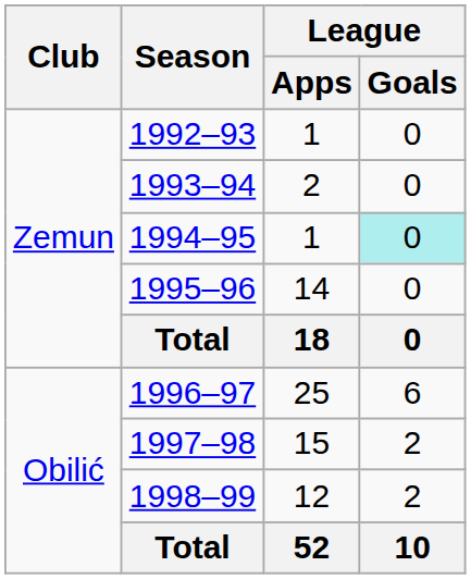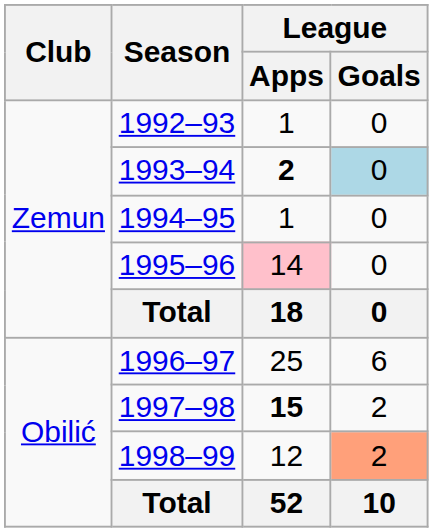 <table class="wikitable" style="text-align:center">
 <tr>
 <th rowspan="2">Club</th>
 <th rowspan="2">Season</th>
 <th colspan="2">League</th>
 </tr>
 <tr>
 <th>Apps</th>
 <th>Goals</th>
 </tr>
 <tr>
 <td rowspan="5"><a href='#'>Zemun</a></td>
 <td><a href='#'>1992–93</a></td>
 <td>1</td>
 <td>0</td>
 </tr>
 <tr>
 <td><a href='#'>1993–94</a></td>
-<td>2</td>
-<td>0</td>
+<td><strong>2</strong></td>
+<td style="background: lightblue;">0</td>
 </tr>
 <tr>
 <td><a href='#'>1994–95</a></td>
 <td>1</td>
-<td style="background: paleturquoise;">0</td>
+<td>0</td>
 </tr>
 <tr>
 <td><a href='#'>1995–96</a></td>
-<td>14</td>
+<td style="background: pink;">14</td>
 <td>0</td>
 </tr>
 <tr>
 <th>Total</th>
 <th>18</th>
 <th>0</th>
 </tr>
 <tr>
 <td rowspan="4"><a href='#'>Obilić</a></td>
 <td><a href='#'>1996–97</a></td>
 <td>25</td>
 <td>6</td>
 </tr>
 <tr>
 <td><a href='#'>1997–98</a></td>
-<td>15</td>
+<td><strong>15</strong></td>
 <td>2</td>
 </tr>
 <tr>
 <td><a href='#'>1998–99</a></td>
 <td>12</td>
-<td>2</td>
+<td style="background: lightsalmon;">2</td>
 </tr>
 <tr>
 <th>Total</th>
 <th>52</th>
 <th>10</th>
 </tr>
 </table>
